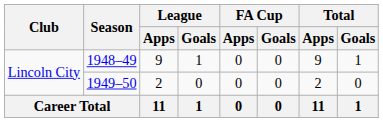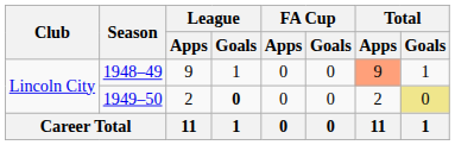 <table class="wikitable" style="text-align: center;">
 <tr>
 <th rowspan="2">Club</th>
 <th rowspan="2">Season</th>
 <th colspan="2">League</th>
 <th colspan="2">FA Cup</th>
 <th colspan="2">Total</th>
 </tr>
 <tr>
 <th>Apps</th>
 <th>Goals</th>
 <th>Apps</th>
 <th>Goals</th>
 <th>Apps</th>
 <th>Goals</th>
 </tr>
 <tr>
 <td rowspan="2"><a href='#'>Lincoln City</a></td>
 <td><a href='#'>1948–49</a></td>
 <td>9</td>
 <td>1</td>
 <td>0</td>
 <td>0</td>
-<td>9</td>
+<td style="background: lightsalmon;">9</td>
 <td>1</td>
 </tr>
 <tr>
 <td><a href='#'>1949–50</a></td>
 <td>2</td>
-<td>0</td>
+<td><strong>0</strong></td>
 <td>0</td>
 <td>0</td>
 <td>2</td>
-<td>0</td>
+<td style="background: khaki;">0</td>
 </tr>
 <tr>
 <th colspan="2">Career Total</th>
 <th>11</th>
 <th>1</th>
 <th>0</th>
 <th>0</th>
 <th>11</th>
 <th>1</th>
 </tr>
 </table>
